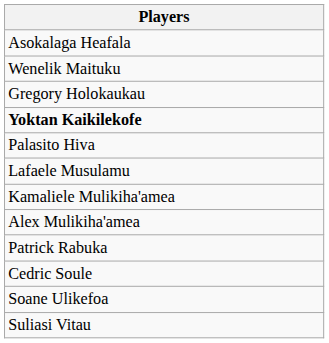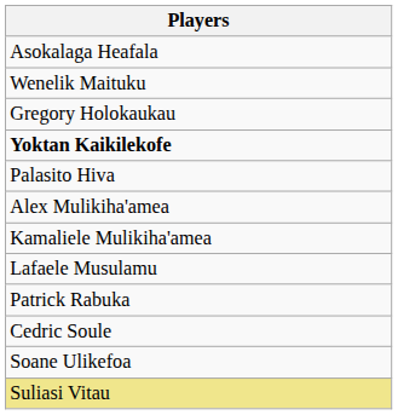 <table class="wikitable" style="width:20%">
 <tr>
 <th>Players</th>
 </tr>
 <tr>
 <td>Asokalaga Heafala</td>
 </tr>
 <tr>
 <td>Wenelik Maituku</td>
 </tr>
 <tr>
 <td>Gregory Holokaukau</td>
 </tr>
 <tr>
 <td><strong>Yoktan Kaikilekofe</strong></td>
 </tr>
 <tr>
 <td>Palasito Hiva</td>
 </tr>
 <tr>
-<td>Lafaele Musulamu</td>
+<td>Alex Mulikiha'amea</td>
 </tr>
 <tr>
 <td>Kamaliele Mulikiha'amea</td>
 </tr>
 <tr>
-<td>Alex Mulikiha'amea</td>
+<td>Lafaele Musulamu</td>
 </tr>
 <tr>
 <td>Patrick Rabuka</td>
 </tr>
 <tr>
 <td>Cedric Soule</td>
 </tr>
 <tr>
 <td>Soane Ulikefoa</td>
 </tr>
 <tr>
-<td>Suliasi Vitau</td>
+<td style="background: khaki;">Suliasi Vitau</td>
 </tr>
 </table>
